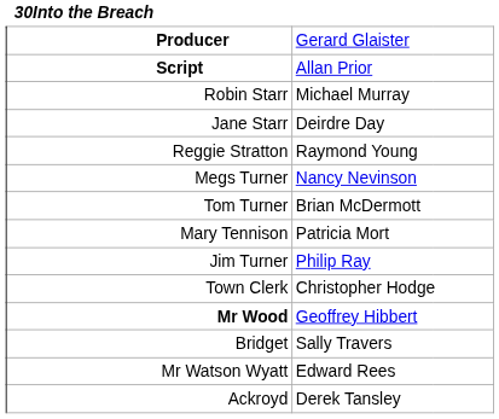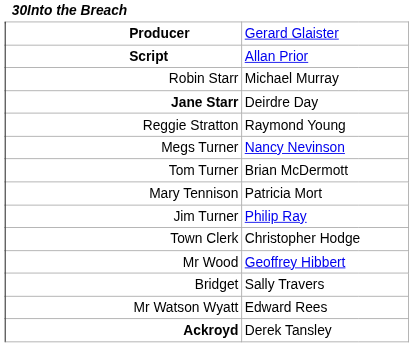 <table class="wikitable mw-collapsible mw-collapsed" style="vertical-align:top;margin:auto 2em;line-height:1.2;min-width:33em;display: inline-table;background-color:inherit;border:none;">
 <tr>
 <td class=unsortable style="border:hidden;line-height:1.67;text-align:center;margin-left:-1em;padding-left:0.5em;min-width:1.0em;"></td>
 <td class=unsortable style="border:none;padding-left:0.5em;text-align:left;min-width:16.5em;font-weight:700;font-style:italic;">30Into the Breach</td>
 <td class=unsortable style="border:none;text-align:right;font-weight:normal;font-family:Courier;font-size:95%;letter-spacing:-1pt;min-width:8.5em;padding-right:0.2em;"></td>
 <td class=unsortable style="border:hidden;min-width:3.5em;padding-left:0;"></td>
 <td class=unsortable style="border:hidden;min-width:3.5em;font-size:95%;"></td>
 </tr>
 <tr>
 <td rowspan=100 style="border:none thin;border-right-style :solid;"></td>
 </tr>
 <tr>
 <td style="text-align:left;padding-left:9.0em;font-weight:bold;">Producer</td>
 <td colspan=2><a href='#'>Gerard Glaister</a></td>
 </tr>
 <tr>
 <td style="text-align:left;padding-left:9.0em;font-weight:bold;">Script</td>
 <td colspan=2><a href='#'>Allan Prior</a></td>
 </tr>
 <tr>
 <td style="text-align:right;">Robin Starr</td>
 <td colspan=2>Michael Murray</td>
 </tr>
 <tr>
-<td style="text-align:right;">Jane Starr</td>
+<td style="text-align:right;"><strong>Jane Starr</strong></td>
 <td colspan=2>Deirdre Day</td>
 </tr>
 <tr>
 <td style="text-align:right;">Reggie Stratton</td>
 <td colspan=2>Raymond Young</td>
 </tr>
 <tr>
 <td style="text-align:right;">Megs Turner</td>
 <td colspan=2><a href='#'>Nancy Nevinson</a></td>
 </tr>
 <tr>
 <td style="text-align:right;">Tom Turner</td>
 <td colspan=2>Brian McDermott</td>
 </tr>
 <tr>
 <td style="text-align:right;">Mary Tennison</td>
 <td colspan=2>Patricia Mort</td>
 </tr>
 <tr>
 <td style="text-align:right;">Jim Turner</td>
 <td colspan=2><a href='#'>Philip Ray</a></td>
 </tr>
 <tr>
 <td style="text-align:right;">Town Clerk</td>
 <td colspan=2>Christopher Hodge</td>
 </tr>
 <tr>
-<td style="text-align:right;"><strong>Mr Wood</strong></td>
+<td style="text-align:right;">Mr Wood</td>
 <td colspan=2><a href='#'>Geoffrey Hibbert</a></td>
 </tr>
 <tr>
 <td style="text-align:right;">Bridget</td>
 <td colspan=2>Sally Travers</td>
 </tr>
 <tr>
 <td style="text-align:right;">Mr Watson Wyatt</td>
 <td colspan=2>Edward Rees</td>
 </tr>
 <tr>
-<td style="text-align:right;">Ackroyd</td>
+<td style="text-align:right;"><strong>Ackroyd</strong></td>
 <td colspan=2>Derek Tansley</td>
 </tr>
 </table>
